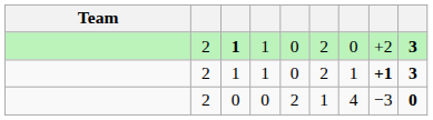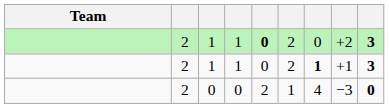 <table class="wikitable" style="text-align: center;">
 <tr>
 <th width=165>Team</th>
 <th width=20></th>
 <th width=20></th>
 <th width=20></th>
 <th width=20></th>
 <th width=20></th>
 <th width=20></th>
 <th width=20></th>
 <th width=20></th>
 </tr>
 <tr bgcolor=#BBF3BB>
 <td align=left></td>
 <td>2</td>
-<td><strong>1</strong></td>
 <td>1</td>
-<td>0</td>
+<td>1</td>
+<td><strong>0</strong></td>
 <td>2</td>
 <td>0</td>
 <td>+2</td>
 <td><strong>3</strong></td>
 </tr>
 <tr>
 <td align="left"></td>
 <td>2</td>
 <td>1</td>
 <td>1</td>
 <td>0</td>
 <td>2</td>
-<td>1</td>
-<td><strong>+1</strong></td>
+<td><strong>1</strong></td>
+<td>+1</td>
 <td><strong>3</strong></td>
 </tr>
 <tr>
 <td align=left></td>
 <td>2</td>
 <td>0</td>
 <td>0</td>
 <td>2</td>
 <td>1</td>
 <td>4</td>
 <td>−3</td>
 <td><strong>0</strong></td>
 </tr>
 </table>
